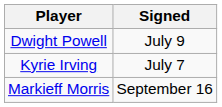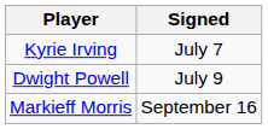 <table class="wikitable sortable sortable">
 <tr>
 <th>Player</th>
 <th>Signed</th>
 </tr>
 <tr style="text-align: center">
+<td><a href='#'>Kyrie Irving</a></td>
+<td>July 7</td>
+</tr>
+<tr style="text-align: center">
 <td><a href='#'>Dwight Powell</a></td>
 <td>July 9</td>
-</tr>
-<tr style="text-align: center">
-<td><a href='#'>Kyrie Irving</a></td>
-<td>July 7</td>
 </tr>
 <tr style="text-align: center">
 <td><a href='#'>Markieff Morris</a></td>
 <td>September 16</td>
 </tr>
 </table>
